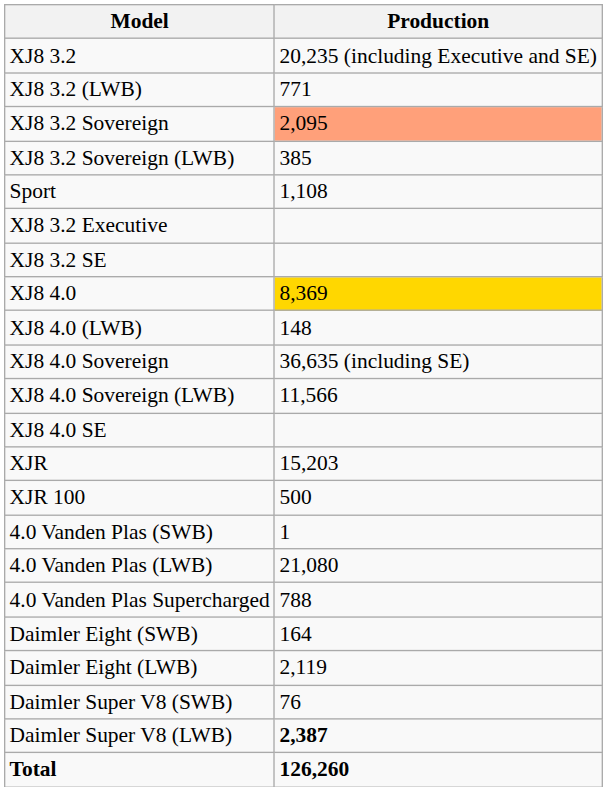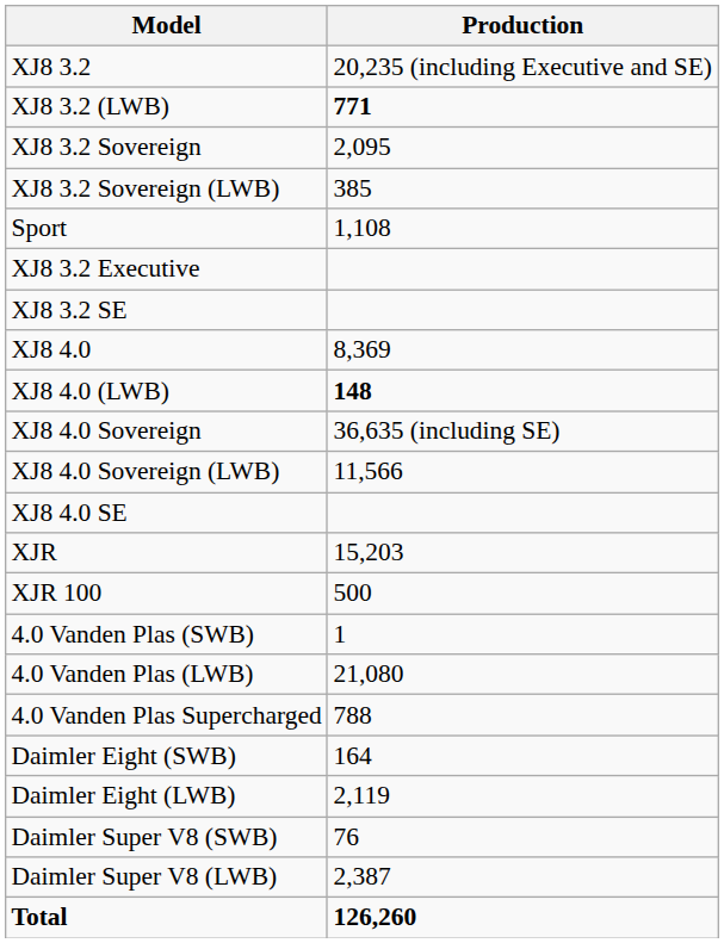 <table class="wikitable">
 <tr>
 <th>Model</th>
 <th>Production</th>
 </tr>
 <tr>
 <td>XJ8 3.2</td>
 <td>20,235 (including Executive and SE)</td>
 </tr>
 <tr>
 <td>XJ8 3.2 (LWB)</td>
-<td>771</td>
+<td><strong>771</strong></td>
 </tr>
 <tr>
 <td>XJ8 3.2 Sovereign</td>
-<td style="background: lightsalmon;">2,095</td>
+<td>2,095</td>
 </tr>
 <tr>
 <td>XJ8 3.2 Sovereign (LWB)</td>
 <td>385</td>
 </tr>
 <tr>
 <td>Sport</td>
 <td>1,108</td>
 </tr>
 <tr>
 <td>XJ8 3.2 Executive</td>
 <td></td>
 </tr>
 <tr>
 <td>XJ8 3.2 SE</td>
 <td></td>
 </tr>
 <tr>
 <td>XJ8 4.0</td>
-<td style="background: gold;">8,369</td>
+<td>8,369</td>
 </tr>
 <tr>
 <td>XJ8 4.0 (LWB)</td>
-<td>148</td>
+<td><strong>148</strong></td>
 </tr>
 <tr>
 <td>XJ8 4.0 Sovereign</td>
 <td>36,635 (including SE)</td>
 </tr>
 <tr>
 <td>XJ8 4.0 Sovereign (LWB)</td>
 <td>11,566</td>
 </tr>
 <tr>
 <td>XJ8 4.0 SE</td>
 <td></td>
 </tr>
 <tr>
 <td>XJR</td>
 <td>15,203</td>
 </tr>
 <tr>
 <td>XJR 100</td>
 <td>500</td>
 </tr>
 <tr>
 <td>4.0 Vanden Plas (SWB)</td>
 <td>1</td>
 </tr>
 <tr>
 <td>4.0 Vanden Plas (LWB)</td>
 <td>21,080</td>
 </tr>
 <tr>
 <td>4.0 Vanden Plas Supercharged</td>
 <td>788</td>
 </tr>
 <tr>
 <td>Daimler Eight (SWB)</td>
 <td>164</td>
 </tr>
 <tr>
 <td>Daimler Eight (LWB)</td>
 <td>2,119</td>
 </tr>
 <tr>
 <td>Daimler Super V8 (SWB)</td>
 <td>76</td>
 </tr>
 <tr>
 <td>Daimler Super V8 (LWB)</td>
-<td><strong>2,387</strong></td>
+<td>2,387</td>
 </tr>
 <tr>
 <td><strong>Total</strong></td>
 <td><strong>126,260</strong></td>
 </tr>
 </table>
